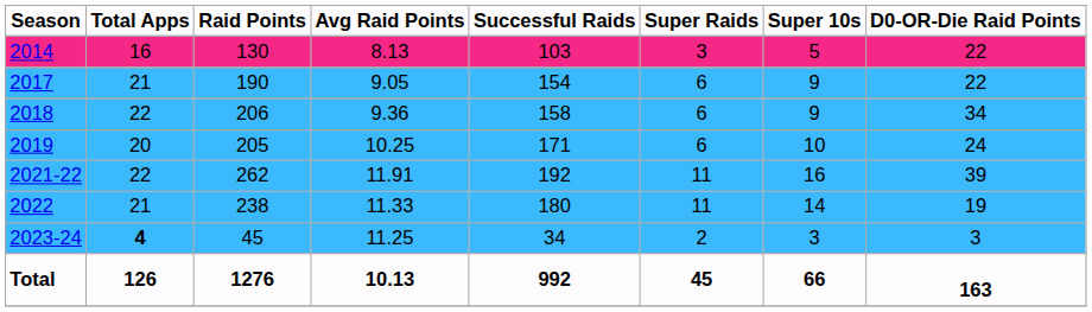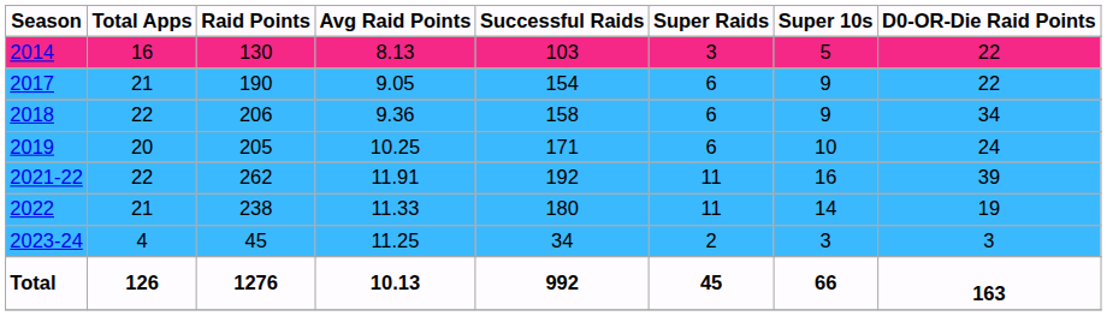 <table class="wikitable" style="text-align: center;">
 <tr>
 <th style="background:#FEFCFF; color:Black text-align:center;"><strong>Season</strong></th>
 <th style="background:#FEFCFF; color:black; text-align:center;"><strong>Total  Apps</strong></th>
 <th style="background:#FEFCFF; color:Black; text-align:center;"><strong>Raid Points</strong></th>
 <th style="background:#FEFCFF; color:Black; text-align:center;"><strong>Avg Raid Points</strong></th>
 <th style="background:#FEFCFF; color:Black; text-align:center;"><strong>Successful Raids</strong></th>
 <th style="background:#FEFCFF; color:Black; text-align:center;"><strong>Super Raids</strong></th>
 <th style="background:#FEFCFF; color:Black; text-align:center;"><strong>Super  10s</strong></th>
 <th style="background:#FEFCFF; color:Black; text-align:center;"><strong>D0-OR-Die Raid Points</strong></th>
 </tr>
 <tr>
 </tr>
 <tr style="background:#F52887">
 <td style="text-align:left"><a href='#'>2014</a></td>
 <td>16</td>
 <td>130</td>
 <td>8.13</td>
 <td>103</td>
 <td>3</td>
 <td>5</td>
 <td>22</td>
 </tr>
 <tr>
 </tr>
 <tr style="background:#3BB9FF">
 <td style="text-align:left"><a href='#'>2017</a></td>
 <td>21</td>
 <td>190</td>
 <td>9.05</td>
 <td>154</td>
 <td>6</td>
 <td>9</td>
 <td>22</td>
 </tr>
 <tr>
 </tr>
 <tr style="background:#3BB9FF">
 <td style="text-align:left"><a href='#'>2018</a></td>
 <td>22</td>
 <td>206</td>
 <td>9.36</td>
 <td>158</td>
 <td>6</td>
 <td>9</td>
 <td>34</td>
 </tr>
 <tr>
 </tr>
 <tr style="background:#3BB9FF">
 <td style="text-align:left"><a href='#'>2019</a></td>
 <td>20</td>
 <td>205</td>
 <td>10.25</td>
 <td>171</td>
 <td>6</td>
 <td>10</td>
 <td>24</td>
 </tr>
 <tr style="background:#3BB9FF">
 <td style="text-align:left"><a href='#'>2021-22</a></td>
 <td>22</td>
 <td>262</td>
 <td>11.91</td>
 <td>192</td>
 <td>11</td>
 <td>16</td>
 <td>39</td>
 </tr>
 <tr style="background:#3BB9FF">
 <td style="text-align:left"><a href='#'>2022</a></td>
 <td>21</td>
 <td>238</td>
 <td>11.33</td>
 <td>180</td>
 <td>11</td>
 <td>14</td>
 <td>19</td>
 </tr>
 <tr style="background:#3BB9FF">
 <td style="text-align:left"><a href='#'>2023-24</a></td>
-<td><strong>4</strong></td>
+<td>4</td>
 <td>45</td>
 <td>11.25</td>
 <td>34</td>
 <td>2</td>
 <td>3</td>
 <td>3</td>
 </tr>
 <tr |->
 </tr>
 <tr style="background:#FEFCFF">
 <td style="text-align:left"><strong>Total</strong></td>
 <td><strong>126</strong></td>
 <td><strong>1276</strong></td>
 <td><strong>10.13</strong></td>
 <td><strong>992</strong></td>
 <td><strong>45</strong></td>
 <td><strong>66</strong></td>
 <td><br><strong>163</strong></td>
 </tr>
 <tr>
 </tr>
 </table>
